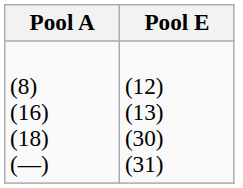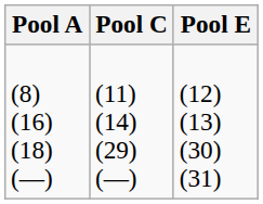 <table class="wikitable">
 <tr>
 <th width=33%>Pool A</th>
+<th width=33%>Pool C</th>
 <th width=33%>Pool E</th>
 </tr>
 <tr>
 <td><br> (8)<br>  (16)<br>  (18)<br>  (—)</td>
+<td><br> (11)<br>  (14)<br>  (29)<br>  (—)</td>
 <td><br> (12)<br>  (13)<br>  (30)<br>  (31)</td>
 </tr>
 </table>
